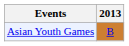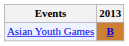 <table class="wikitable" style="font-size: 90%; text-align:center">
 <tr>
 <th>Events</th>
 <th>2013</th>
 </tr>
 <tr>
 <td bgcolor="#ECF2FF"; align="left"><a href='#'>Asian Youth Games</a></td>
-<td bgcolor=CD7F32><a href='#'>B</a></td>
+<td bgcolor=CD7F32><strong><a href='#'>B</a></strong></td>
 </tr>
 </table>
